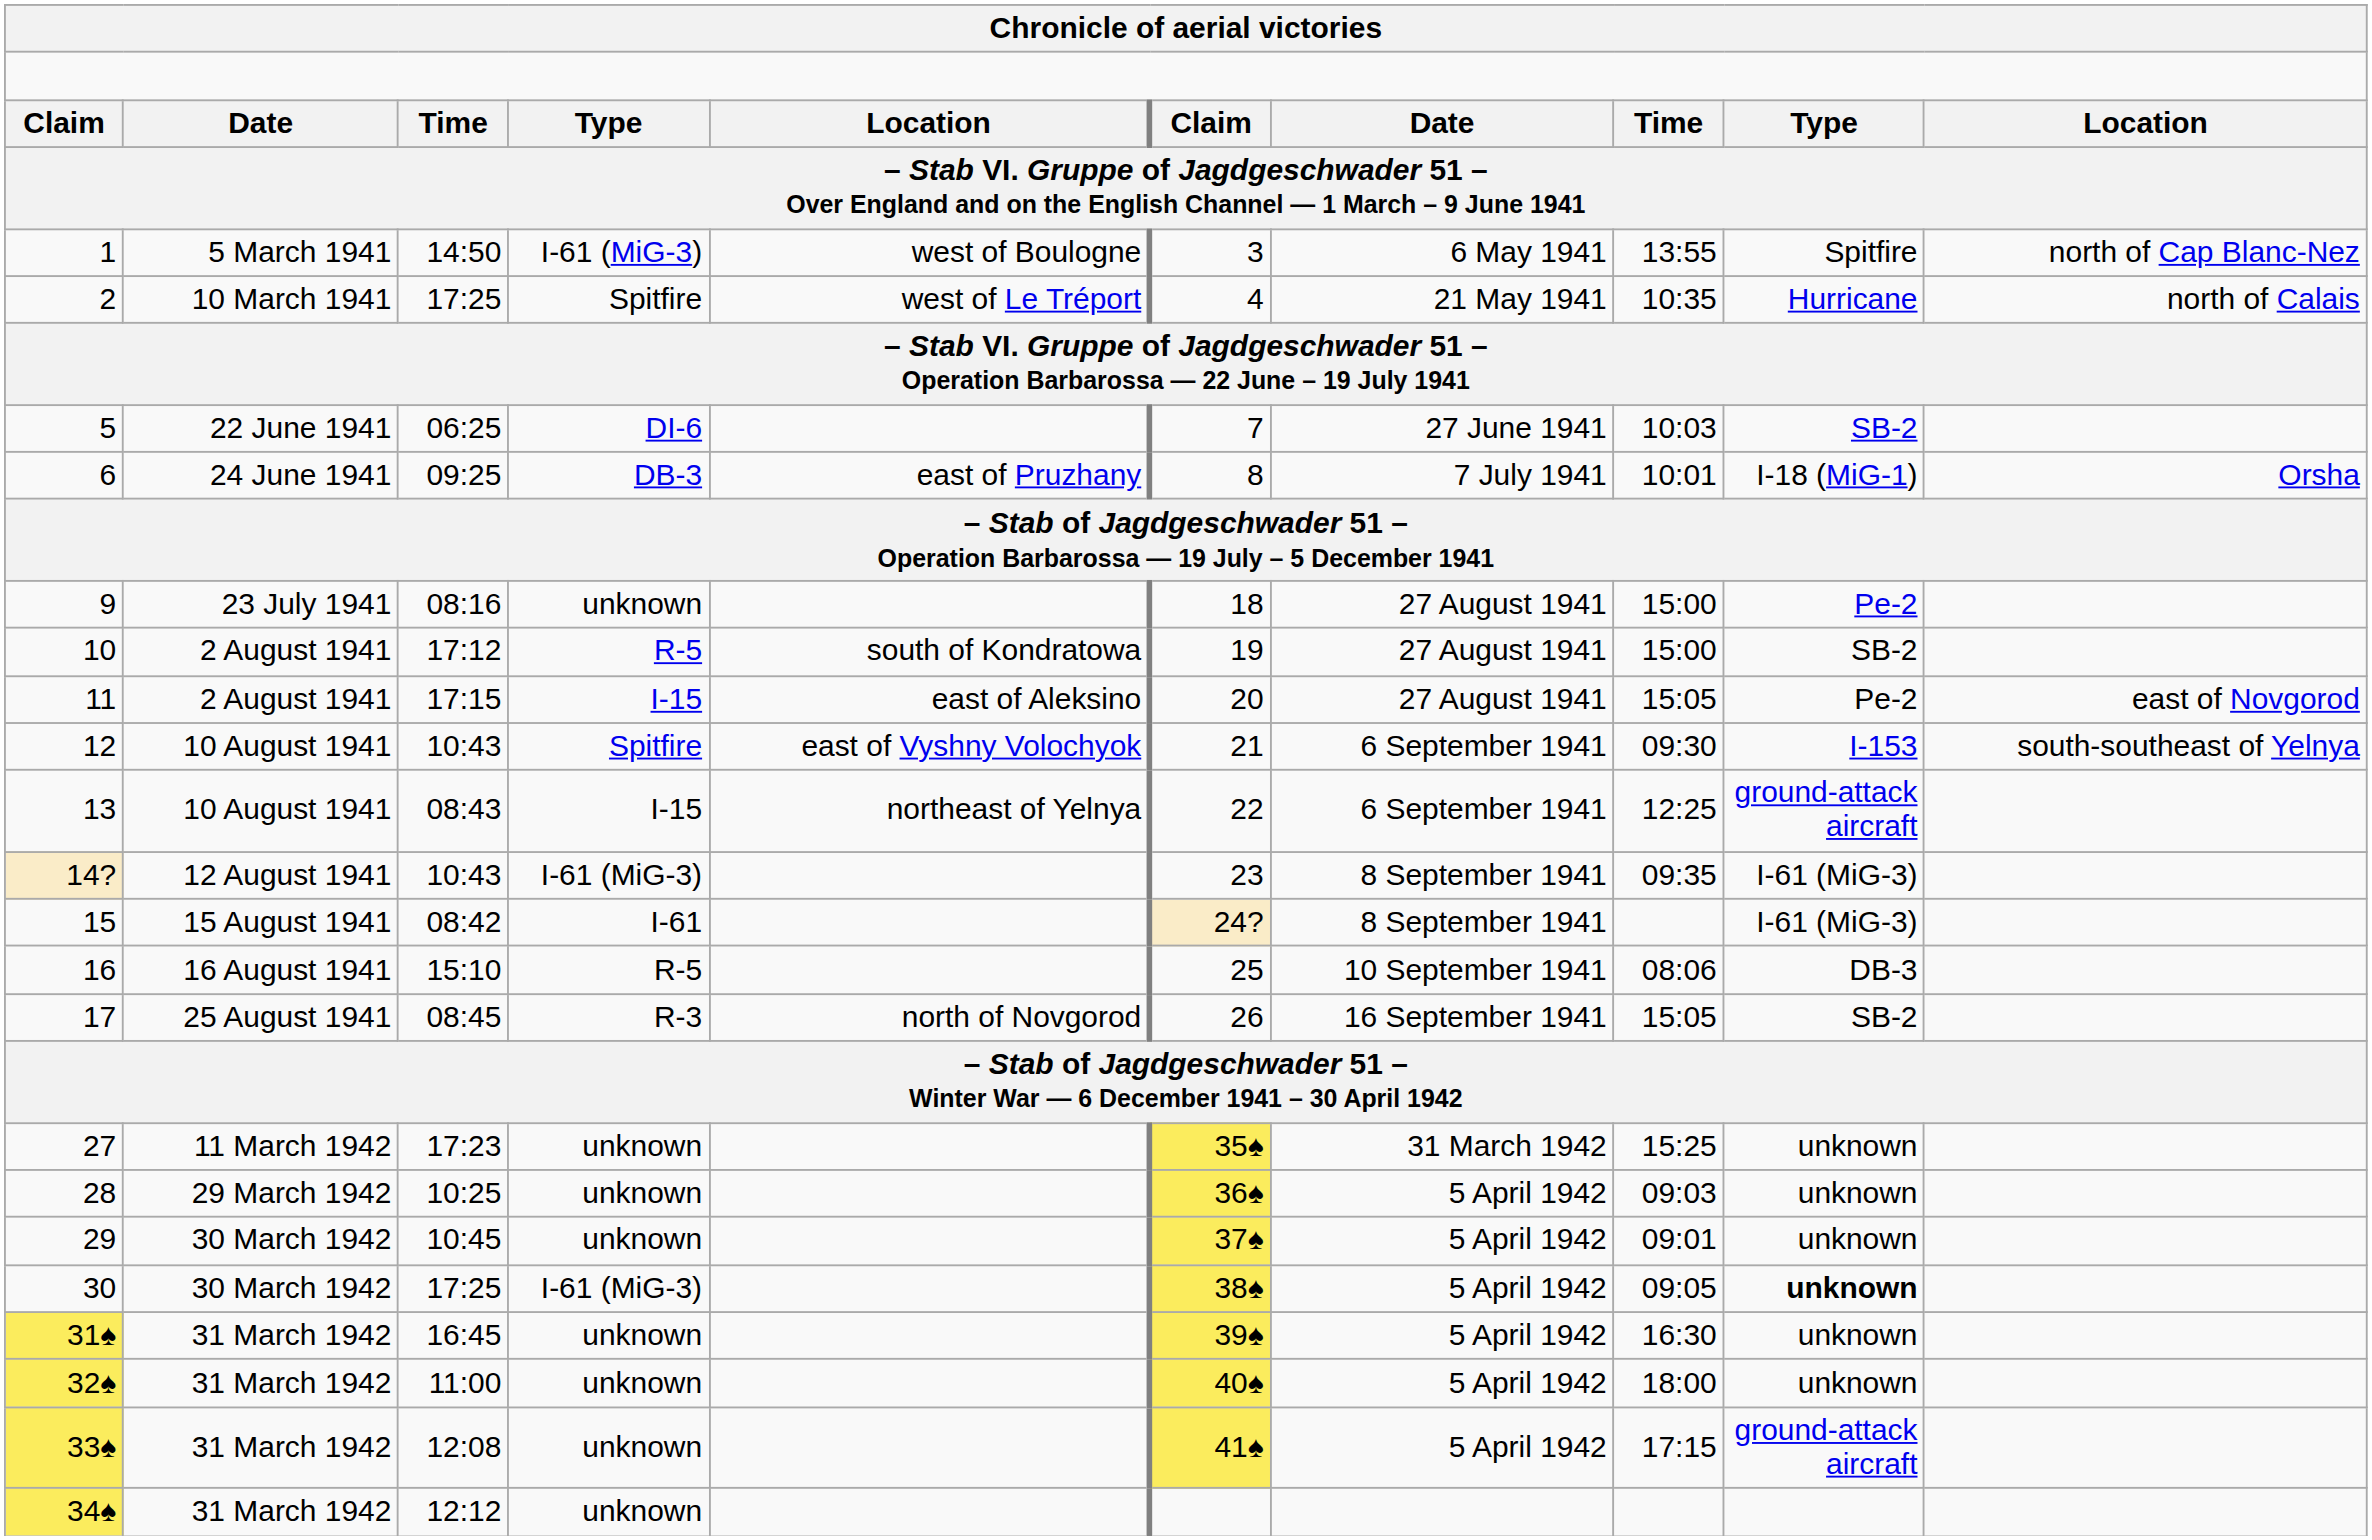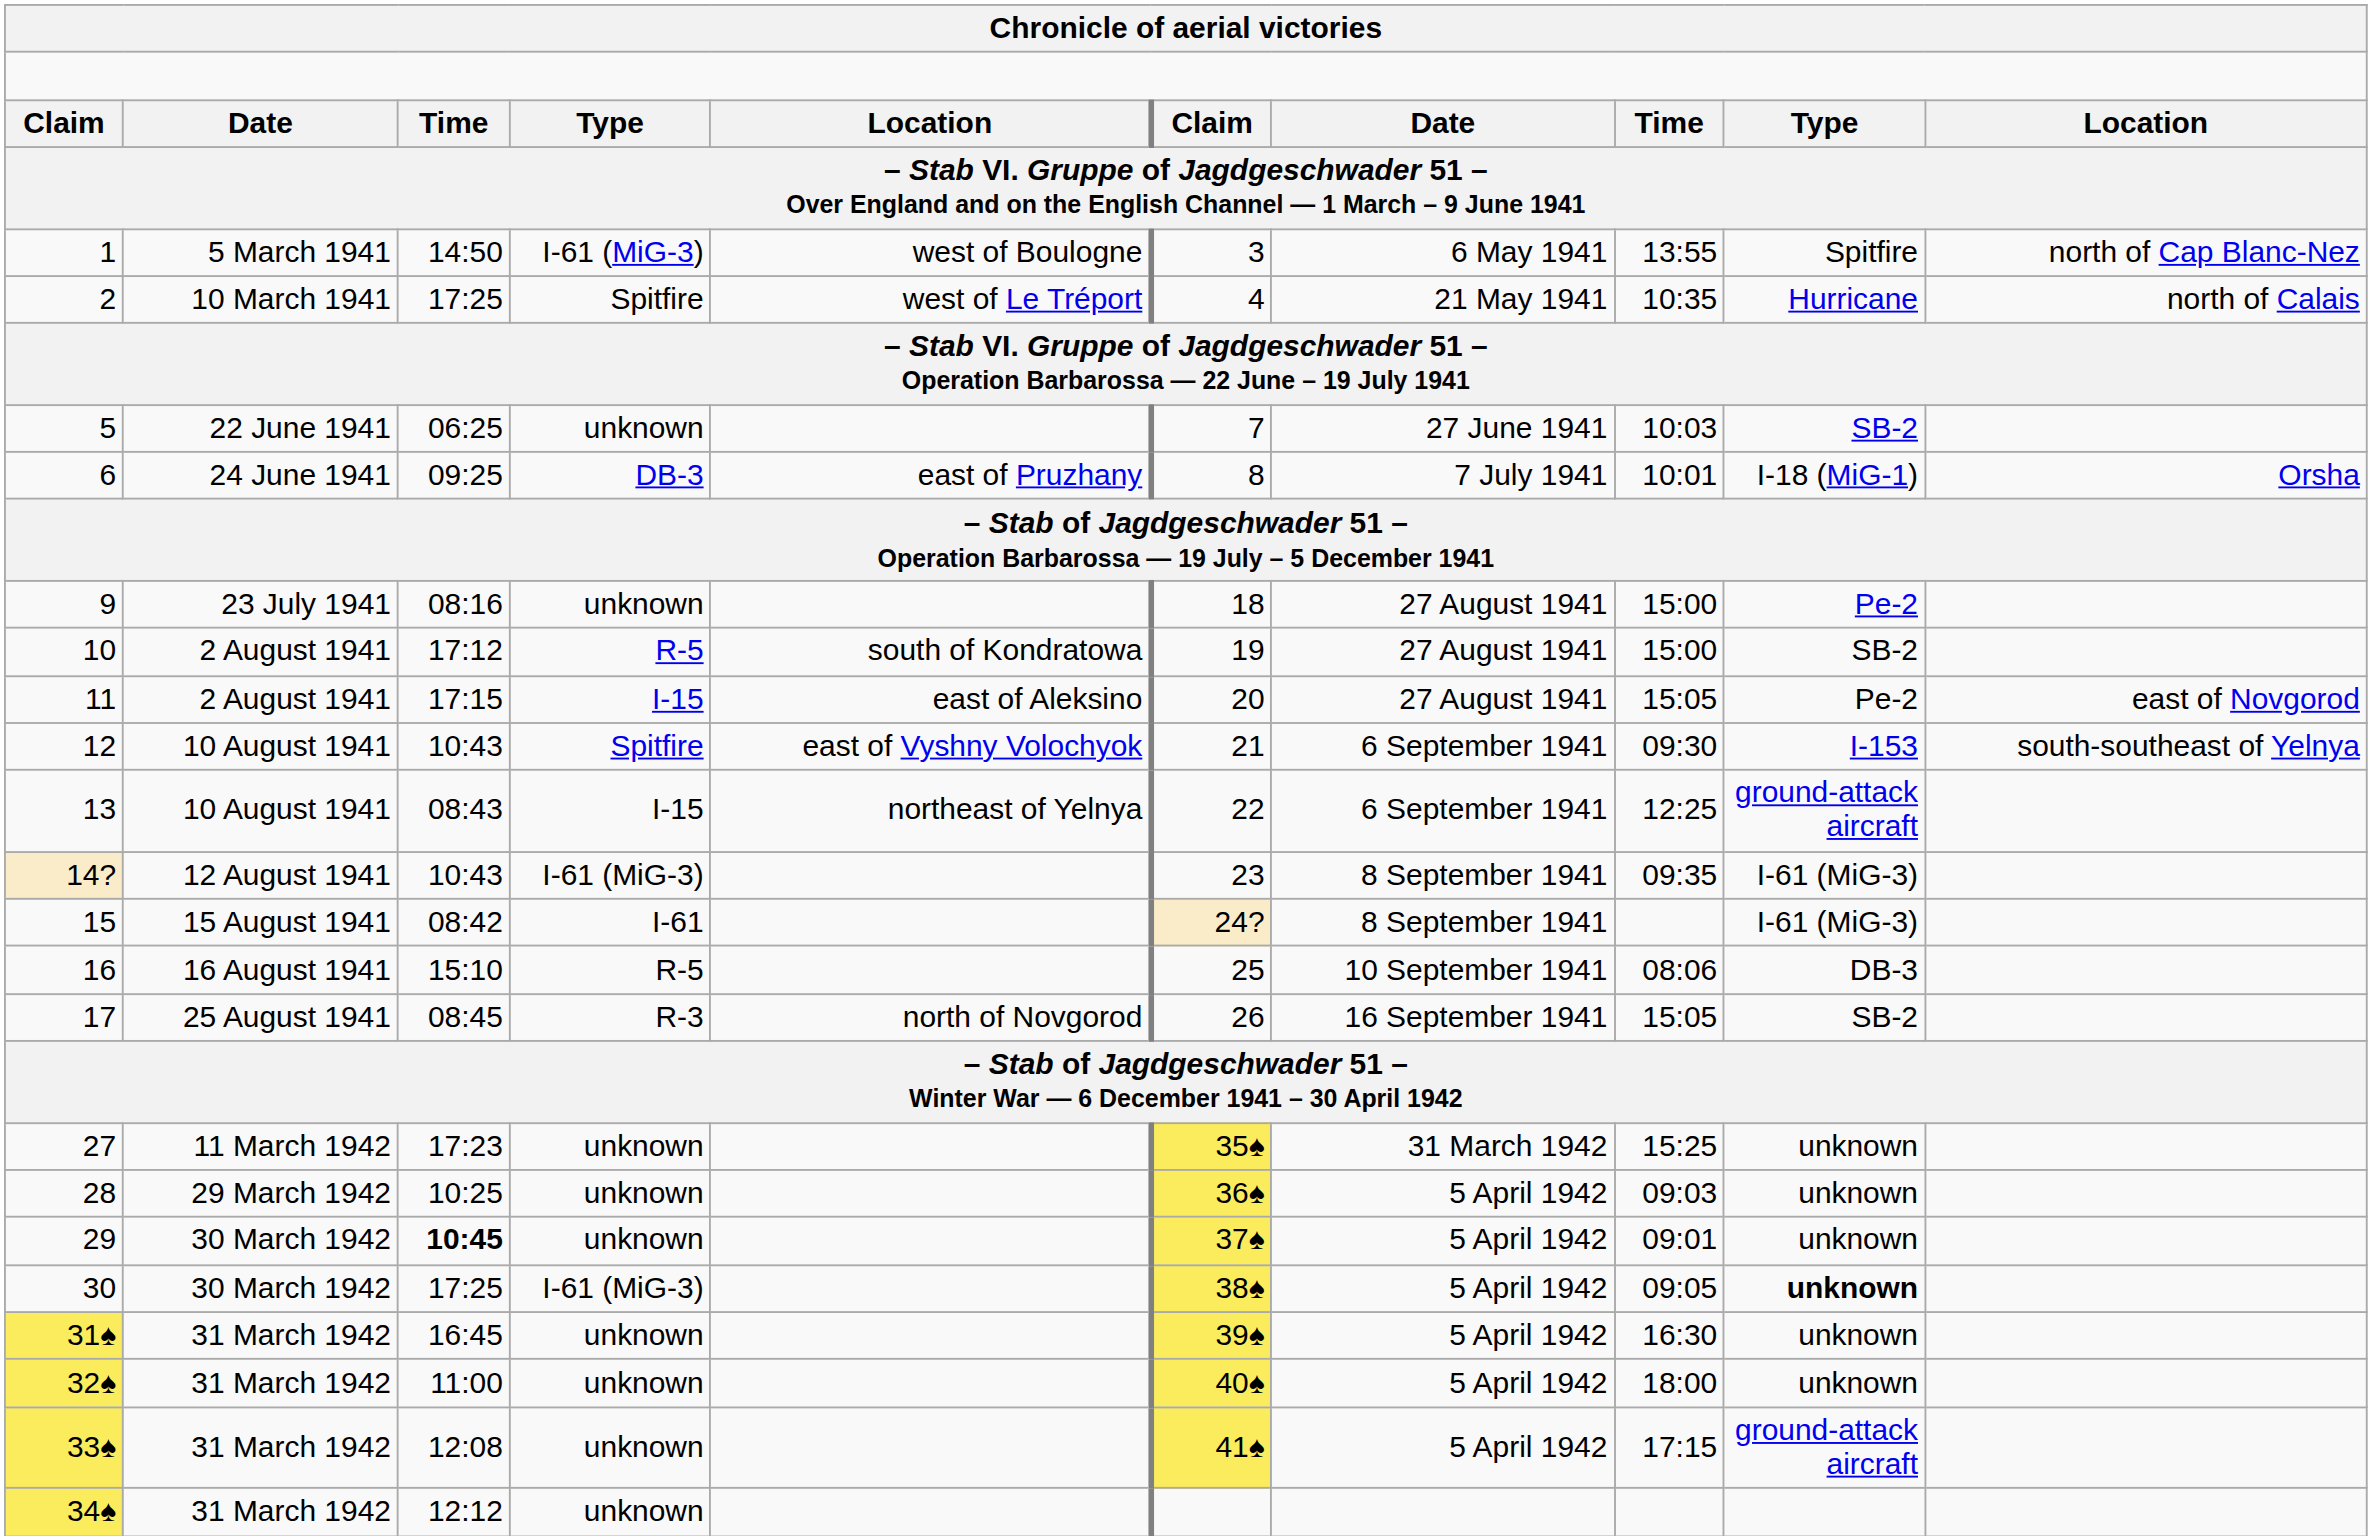 <table class="wikitable plainrowheaders collapsible" style="margin-left: auto; margin-right: auto; border: none; text-align:right; width: 100%;">
 <tr>
 <th colspan="10">Chronicle of aerial victories</th>
 </tr>
 <tr>
 <td colspan="10" style="text-align: left;"><br> </td>
 </tr>
 <tr>
 <th scope="col">Claim</th>
 <th scope="col">Date</th>
 <th scope="col">Time</th>
 <th scope="col" width="100px">Type</th>
 <th scope="col">Location</th>
 <th scope="col" style="border-left: 3px solid grey;">Claim</th>
 <th scope="col">Date</th>
 <th scope="col">Time</th>
 <th scope="col" width="100px">Type</th>
 <th scope="col">Location</th>
 </tr>
 <tr>
 <th colspan="10">– <em>Stab</em> VI. <em>Gruppe</em> of <em>Jagdgeschwader</em> 51 –<br><small>Over England and on the English Channel — 1 March – 9 June 1941</small></th>
 </tr>
 <tr>
 <td>1</td>
 <td>5 March 1941</td>
 <td>14:50</td>
 <td>I-61 (<a href='#'>MiG-3</a>)</td>
 <td>west of Boulogne</td>
 <td style="border-left: 3px solid grey;">3</td>
 <td>6 May 1941</td>
 <td>13:55</td>
 <td>Spitfire</td>
 <td> north of <a href='#'>Cap Blanc-Nez</a></td>
 </tr>
 <tr>
 <td>2</td>
 <td>10 March 1941</td>
 <td>17:25</td>
 <td>Spitfire</td>
 <td> west of <a href='#'>Le Tréport</a></td>
 <td style="border-left: 3px solid grey;">4</td>
 <td>21 May 1941</td>
 <td>10:35</td>
 <td><a href='#'>Hurricane</a></td>
 <td> north of <a href='#'>Calais</a></td>
 </tr>
 <tr>
 <th colspan="10">– <em>Stab</em> VI. <em>Gruppe</em> of <em>Jagdgeschwader</em> 51 –<br><small>Operation Barbarossa — 22 June – 19 July 1941</small></th>
 </tr>
 <tr>
 <td>5</td>
 <td>22 June 1941</td>
 <td>06:25</td>
-<td><a href='#'>DI-6</a></td>
+<td>unknown</td>
 <td></td>
 <td style="border-left: 3px solid grey;">7</td>
 <td>27 June 1941</td>
 <td>10:03</td>
 <td><a href='#'>SB-2</a></td>
 <td></td>
 </tr>
 <tr>
 <td>6</td>
 <td>24 June 1941</td>
 <td>09:25</td>
 <td><a href='#'>DB-3</a></td>
 <td> east of <a href='#'>Pruzhany</a></td>
 <td style="border-left: 3px solid grey;">8</td>
 <td>7 July 1941</td>
 <td>10:01</td>
 <td>I-18 (<a href='#'>MiG-1</a>)</td>
 <td><a href='#'>Orsha</a></td>
 </tr>
 <tr>
 <th colspan="10">– <em>Stab</em> of <em>Jagdgeschwader</em> 51 –<br><small>Operation Barbarossa — 19 July – 5 December 1941</small></th>
 </tr>
 <tr>
 <td>9</td>
 <td>23 July 1941</td>
 <td>08:16</td>
 <td>unknown</td>
 <td></td>
 <td style="border-left: 3px solid grey;">18</td>
 <td>27 August 1941</td>
 <td>15:00</td>
 <td><a href='#'>Pe-2</a></td>
 <td></td>
 </tr>
 <tr>
 <td>10</td>
 <td>2 August 1941</td>
 <td>17:12</td>
 <td><a href='#'>R-5</a></td>
 <td> south of Kondratowa</td>
 <td style="border-left: 3px solid grey;">19</td>
 <td>27 August 1941</td>
 <td>15:00</td>
 <td>SB-2</td>
 <td></td>
 </tr>
 <tr>
 <td>11</td>
 <td>2 August 1941</td>
 <td>17:15</td>
 <td><a href='#'>I-15</a></td>
 <td> east of Aleksino</td>
 <td style="border-left: 3px solid grey;">20</td>
 <td>27 August 1941</td>
 <td>15:05</td>
 <td>Pe-2</td>
 <td> east of <a href='#'>Novgorod</a></td>
 </tr>
 <tr>
 <td>12</td>
 <td>10 August 1941</td>
 <td>10:43</td>
 <td><a href='#'>Spitfire</a></td>
 <td> east of <a href='#'>Vyshny Volochyok</a></td>
 <td style="border-left: 3px solid grey;">21</td>
 <td>6 September 1941</td>
 <td>09:30</td>
 <td><a href='#'>I-153</a></td>
 <td> south-southeast of <a href='#'>Yelnya</a></td>
 </tr>
 <tr>
 <td>13</td>
 <td>10 August 1941</td>
 <td>08:43</td>
 <td>I-15</td>
 <td> northeast of Yelnya</td>
 <td style="border-left: 3px solid grey;">22</td>
 <td>6 September 1941</td>
 <td>12:25</td>
 <td><a href='#'>ground-attack aircraft</a></td>
 <td></td>
 </tr>
 <tr>
 <td style="background:#faecc8">14?</td>
 <td>12 August 1941</td>
 <td>10:43</td>
 <td>I-61 (MiG-3)</td>
 <td></td>
 <td style="border-left: 3px solid grey;">23</td>
 <td>8 September 1941</td>
 <td>09:35</td>
 <td>I-61 (MiG-3)</td>
 <td></td>
 </tr>
 <tr>
 <td>15</td>
 <td>15 August 1941</td>
 <td>08:42</td>
 <td>I-61</td>
 <td></td>
 <td style="border-left: 3px solid grey; background:#faecc8">24?</td>
 <td>8 September 1941</td>
 <td></td>
 <td>I-61 (MiG-3)</td>
 <td></td>
 </tr>
 <tr>
 <td>16</td>
 <td>16 August 1941</td>
 <td>15:10</td>
 <td>R-5</td>
 <td></td>
 <td style="border-left: 3px solid grey;">25</td>
 <td>10 September 1941</td>
 <td>08:06</td>
 <td>DB-3</td>
 <td></td>
 </tr>
 <tr>
 <td>17</td>
 <td>25 August 1941</td>
 <td>08:45</td>
 <td>R-3</td>
 <td> north of Novgorod</td>
 <td style="border-left: 3px solid grey;">26</td>
 <td>16 September 1941</td>
 <td>15:05</td>
 <td>SB-2</td>
 <td></td>
 </tr>
 <tr>
 <th colspan="10">– <em>Stab</em> of <em>Jagdgeschwader</em> 51 –<br><small>Winter War — 6 December 1941 – 30 April 1942</small></th>
 </tr>
 <tr>
 <td>27</td>
 <td>11 March 1942</td>
 <td>17:23</td>
 <td>unknown</td>
 <td></td>
 <td style="border-left: 3px solid grey; background:#fbec5d;">35♠</td>
 <td>31 March 1942</td>
 <td>15:25</td>
 <td>unknown</td>
 <td></td>
 </tr>
 <tr>
 <td>28</td>
 <td>29 March 1942</td>
 <td>10:25</td>
 <td>unknown</td>
 <td></td>
 <td style="border-left: 3px solid grey; background:#fbec5d;">36♠</td>
 <td>5 April 1942</td>
 <td>09:03</td>
 <td>unknown</td>
 <td></td>
 </tr>
 <tr>
 <td>29</td>
 <td>30 March 1942</td>
-<td>10:45</td>
+<td><strong>10:45</strong></td>
 <td>unknown</td>
 <td></td>
 <td style="border-left: 3px solid grey; background:#fbec5d;">37♠</td>
 <td>5 April 1942</td>
 <td>09:01</td>
 <td>unknown</td>
 <td></td>
 </tr>
 <tr>
 <td>30</td>
 <td>30 March 1942</td>
 <td>17:25</td>
 <td>I-61 (MiG-3)</td>
 <td></td>
 <td style="border-left: 3px solid grey; background:#fbec5d;">38♠</td>
 <td>5 April 1942</td>
 <td>09:05</td>
 <td><strong>unknown</strong></td>
 <td></td>
 </tr>
 <tr>
 <td style="background:#fbec5d;">31♠</td>
 <td>31 March 1942</td>
 <td>16:45</td>
 <td>unknown</td>
 <td></td>
 <td style="border-left: 3px solid grey; background:#fbec5d;">39♠</td>
 <td>5 April 1942</td>
 <td>16:30</td>
 <td>unknown</td>
 <td></td>
 </tr>
 <tr>
 <td style="background:#fbec5d;">32♠</td>
 <td>31 March 1942</td>
 <td>11:00</td>
 <td>unknown</td>
 <td></td>
 <td style="border-left: 3px solid grey; background:#fbec5d;">40♠</td>
 <td>5 April 1942</td>
 <td>18:00</td>
 <td>unknown</td>
 <td></td>
 </tr>
 <tr>
 <td style="background:#fbec5d;">33♠</td>
 <td>31 March 1942</td>
 <td>12:08</td>
 <td>unknown</td>
 <td></td>
 <td style="border-left: 3px solid grey; background:#fbec5d;">41♠</td>
 <td>5 April 1942</td>
 <td>17:15</td>
 <td><a href='#'>ground-attack aircraft</a></td>
 <td></td>
 </tr>
 <tr>
 <td style="background:#fbec5d;">34♠</td>
 <td>31 March 1942</td>
 <td>12:12</td>
 <td>unknown</td>
 <td></td>
 <td style="border-left: 3px solid grey;"></td>
 <td></td>
 <td></td>
 <td></td>
 <td></td>
 </tr>
 </table>
